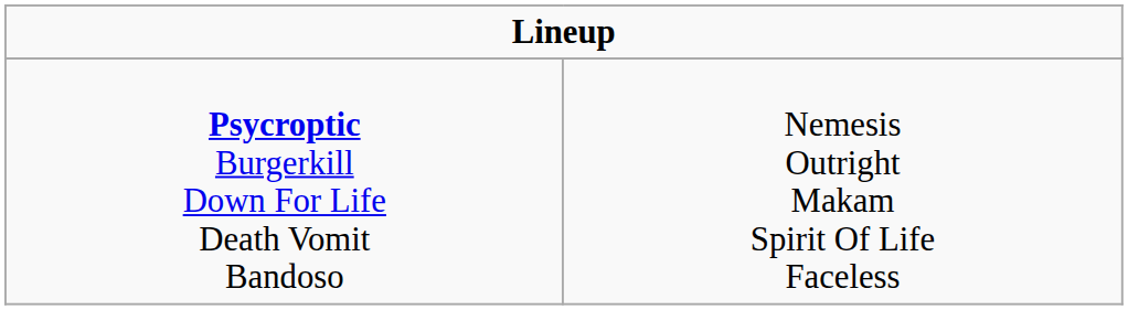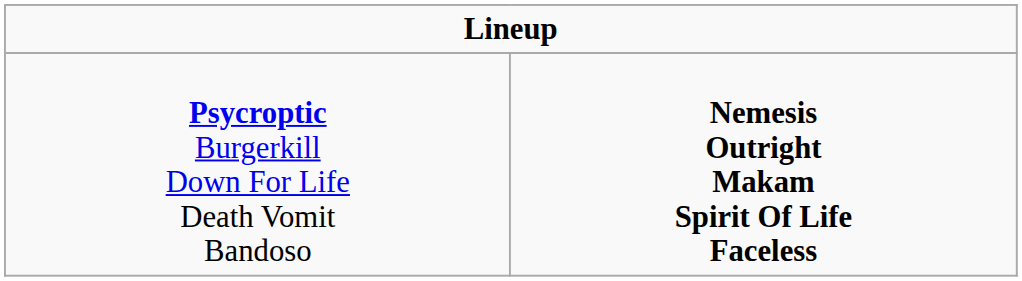 <table class="wikitable">
 <tr>
 <td colspan="2" align="center"><strong>Lineup</strong></td>
 </tr>
 <tr>
 </tr>
 <tr>
 <td valign="top" align="center" width=256><br><strong><a href='#'>Psycroptic</a></strong><br> <a href='#'>Burgerkill</a><br> <a href='#'>Down For Life</a><br> Death Vomit<br> Bandoso<br></td>
-<td valign="top" align="center" width=256><br>Nemesis<br> Outright<br> Makam<br> Spirit Of Life<br> Faceless<br></td>
+<td valign="top" align="center" width=256><strong><br>Nemesis<br> Outright<br> Makam<br> Spirit Of Life<br> Faceless<br></strong></td>
 </tr>
 </table>
